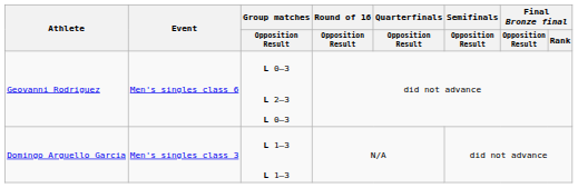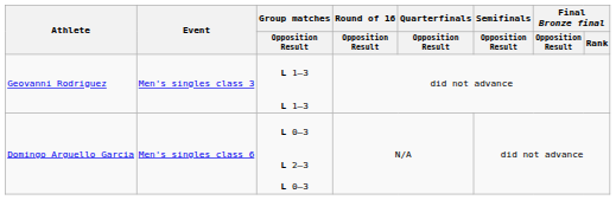 <table class=wikitable style="font-size:90%">
 <tr>
 <th rowspan="2">Athlete</th>
 <th rowspan="2">Event</th>
 <th>Group matches</th>
 <th>Round of 16</th>
 <th>Quarterfinals</th>
 <th>Semifinals</th>
 <th colspan="2">Final<br><em>Bronze final</em></th>
 </tr>
 <tr>
 <th style="line-height:1em"><small>Opposition<br>Result</small></th>
 <th style="line-height:1em"><small>Opposition<br>Result</small></th>
 <th style="line-height:1em"><small>Opposition<br>Result</small></th>
 <th style="line-height:1em"><small>Opposition<br>Result</small></th>
 <th style="line-height:1em"><small>Opposition<br>Result</small></th>
 <th>Rank</th>
 </tr>
 <tr>
 <td><a href='#'>Geovanni Rodriguez</a></td>
-<td><a href='#'>Men's singles class 6</a></td>
-<td align="center"><br> <strong>L</strong> 0–3<br><br><br> <strong>L</strong> 2–3<br> <br> <strong>L</strong> 0–3</td>
+<td><a href='#'>Men's singles class 3</a></td>
+<td align="center"><br> <strong>L</strong> 1–3<br><br><br> <strong>L</strong> 1–3</td>
 <td align="center" colspan="5">did not advance</td>
 </tr>
 <tr>
 <td><a href='#'>Domingo Arguello Garcia</a></td>
-<td><a href='#'>Men's singles class 3</a></td>
-<td align="center"><br> <strong>L</strong> 1–3<br><br><br> <strong>L</strong> 1–3</td>
+<td><a href='#'>Men's singles class 6</a></td>
+<td align="center"><br> <strong>L</strong> 0–3<br><br><br> <strong>L</strong> 2–3<br> <br> <strong>L</strong> 0–3</td>
 <td align="center" colspan="2">N/A</td>
 <td align="center" colspan="3">did not advance</td>
 </tr>
 </table>
